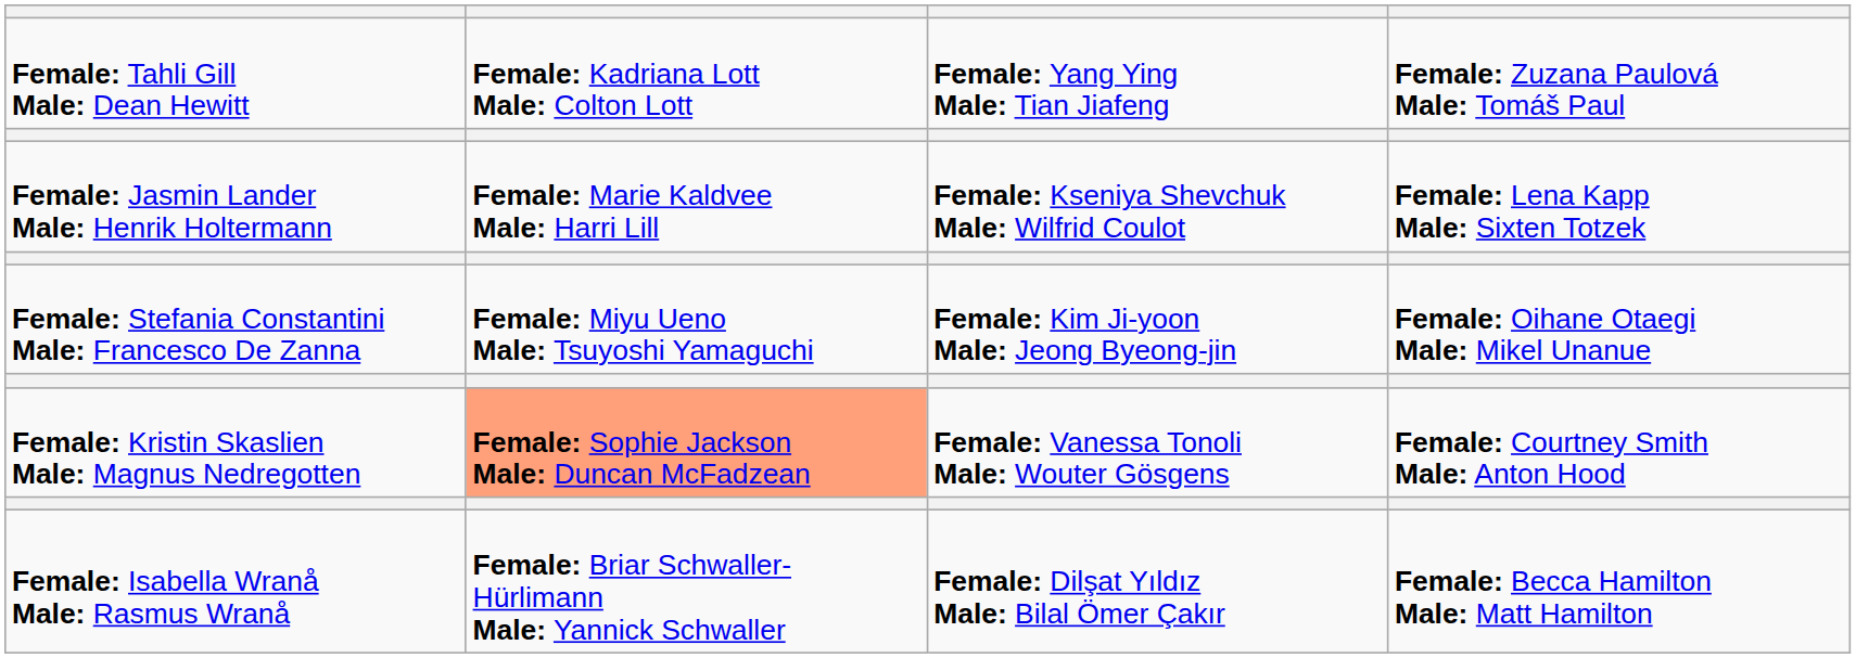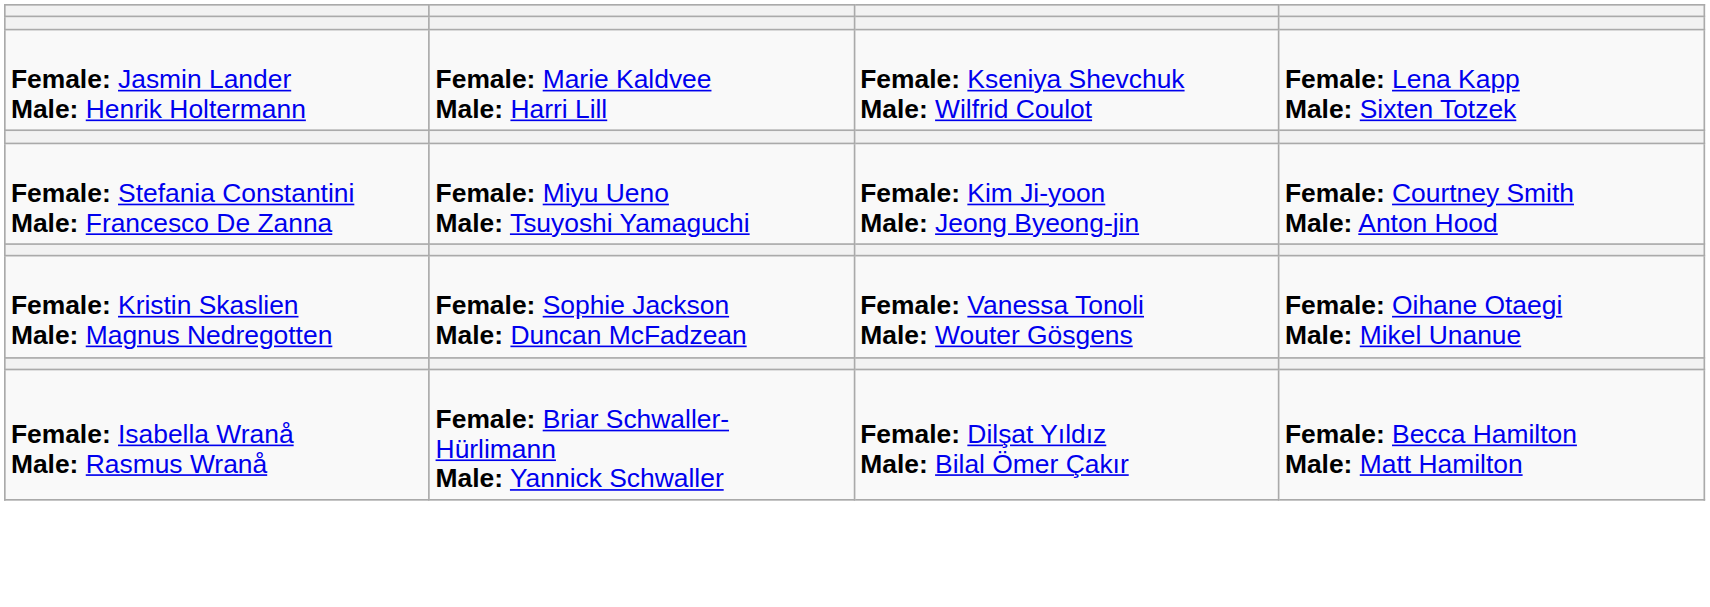 <table class="wikitable">
 <tr>
 <th width=250></th>
 <th width=250></th>
 <th width=250></th>
 <th width=250></th>
-</tr>
-<tr>
-<td><br><strong>Female:</strong> <a href='#'>Tahli Gill</a><br> <strong>Male:</strong> <a href='#'>Dean Hewitt</a></td>
-<td><br><strong>Female:</strong> <a href='#'>Kadriana Lott</a><br> <strong>Male:</strong> <a href='#'>Colton Lott</a></td>
-<td><br><strong>Female:</strong> <a href='#'>Yang Ying</a><br> <strong>Male:</strong> <a href='#'>Tian Jiafeng</a></td>
-<td><br><strong>Female:</strong> <a href='#'>Zuzana Paulová</a><br> <strong>Male:</strong> <a href='#'>Tomáš Paul</a></td>
 </tr>
 <tr>
 <th width=250></th>
 <th width=250></th>
 <th width=250></th>
 <th width=250></th>
 </tr>
 <tr>
 <td><br><strong>Female:</strong> <a href='#'>Jasmin Lander</a><br> <strong>Male:</strong> <a href='#'>Henrik Holtermann</a></td>
 <td><br><strong>Female:</strong> <a href='#'>Marie Kaldvee</a><br> <strong>Male:</strong> <a href='#'>Harri Lill</a></td>
 <td><br><strong>Female:</strong> <a href='#'>Kseniya Shevchuk</a><br> <strong>Male:</strong> <a href='#'>Wilfrid Coulot</a></td>
 <td><br><strong>Female:</strong> <a href='#'>Lena Kapp</a><br> <strong>Male:</strong> <a href='#'>Sixten Totzek</a></td>
 </tr>
 <tr>
 <th width=250></th>
 <th width=250></th>
 <th width=250></th>
 <th width=250></th>
 </tr>
 <tr>
 <td><br><strong>Female:</strong> <a href='#'>Stefania Constantini</a><br> <strong>Male:</strong> <a href='#'>Francesco De Zanna</a></td>
 <td><br><strong>Female:</strong> <a href='#'>Miyu Ueno</a><br> <strong>Male:</strong> <a href='#'>Tsuyoshi Yamaguchi</a></td>
 <td><br><strong>Female:</strong> <a href='#'>Kim Ji-yoon</a><br> <strong>Male:</strong> <a href='#'>Jeong Byeong-jin</a></td>
-<td><br><strong>Female:</strong> <a href='#'>Oihane Otaegi</a><br> <strong>Male:</strong> <a href='#'>Mikel Unanue</a></td>
+<td><br><strong>Female:</strong> <a href='#'>Courtney Smith</a><br> <strong>Male:</strong> <a href='#'>Anton Hood</a></td>
 </tr>
 <tr>
 <th width=250></th>
 <th width=250></th>
 <th width=250></th>
 <th width=250></th>
 </tr>
 <tr>
 <td><br><strong>Female:</strong> <a href='#'>Kristin Skaslien</a><br> <strong>Male:</strong> <a href='#'>Magnus Nedregotten</a></td>
-<td style="background: lightsalmon;"><br><strong>Female:</strong> <a href='#'>Sophie Jackson</a><br> <strong>Male:</strong> <a href='#'>Duncan McFadzean</a></td>
+<td><br><strong>Female:</strong> <a href='#'>Sophie Jackson</a><br> <strong>Male:</strong> <a href='#'>Duncan McFadzean</a></td>
 <td><br><strong>Female:</strong> <a href='#'>Vanessa Tonoli</a><br> <strong>Male:</strong> <a href='#'>Wouter Gösgens</a></td>
-<td><br><strong>Female:</strong> <a href='#'>Courtney Smith</a><br> <strong>Male:</strong> <a href='#'>Anton Hood</a></td>
+<td><br><strong>Female:</strong> <a href='#'>Oihane Otaegi</a><br> <strong>Male:</strong> <a href='#'>Mikel Unanue</a></td>
 </tr>
 <tr>
 <th width=250></th>
 <th width=250></th>
 <th width=250></th>
 <th width=250></th>
 </tr>
 <tr>
 <td><br><strong>Female:</strong> <a href='#'>Isabella Wranå</a><br> <strong>Male:</strong> <a href='#'>Rasmus Wranå</a></td>
 <td><br><strong>Female:</strong> <a href='#'>Briar Schwaller-Hürlimann</a><br> <strong>Male:</strong> <a href='#'>Yannick Schwaller</a></td>
 <td><br><strong>Female:</strong> <a href='#'>Dilşat Yıldız</a><br> <strong>Male:</strong> <a href='#'>Bilal Ömer Çakır</a></td>
 <td><br><strong>Female:</strong> <a href='#'>Becca Hamilton</a><br> <strong>Male:</strong> <a href='#'>Matt Hamilton</a></td>
 </tr>
 </table>
